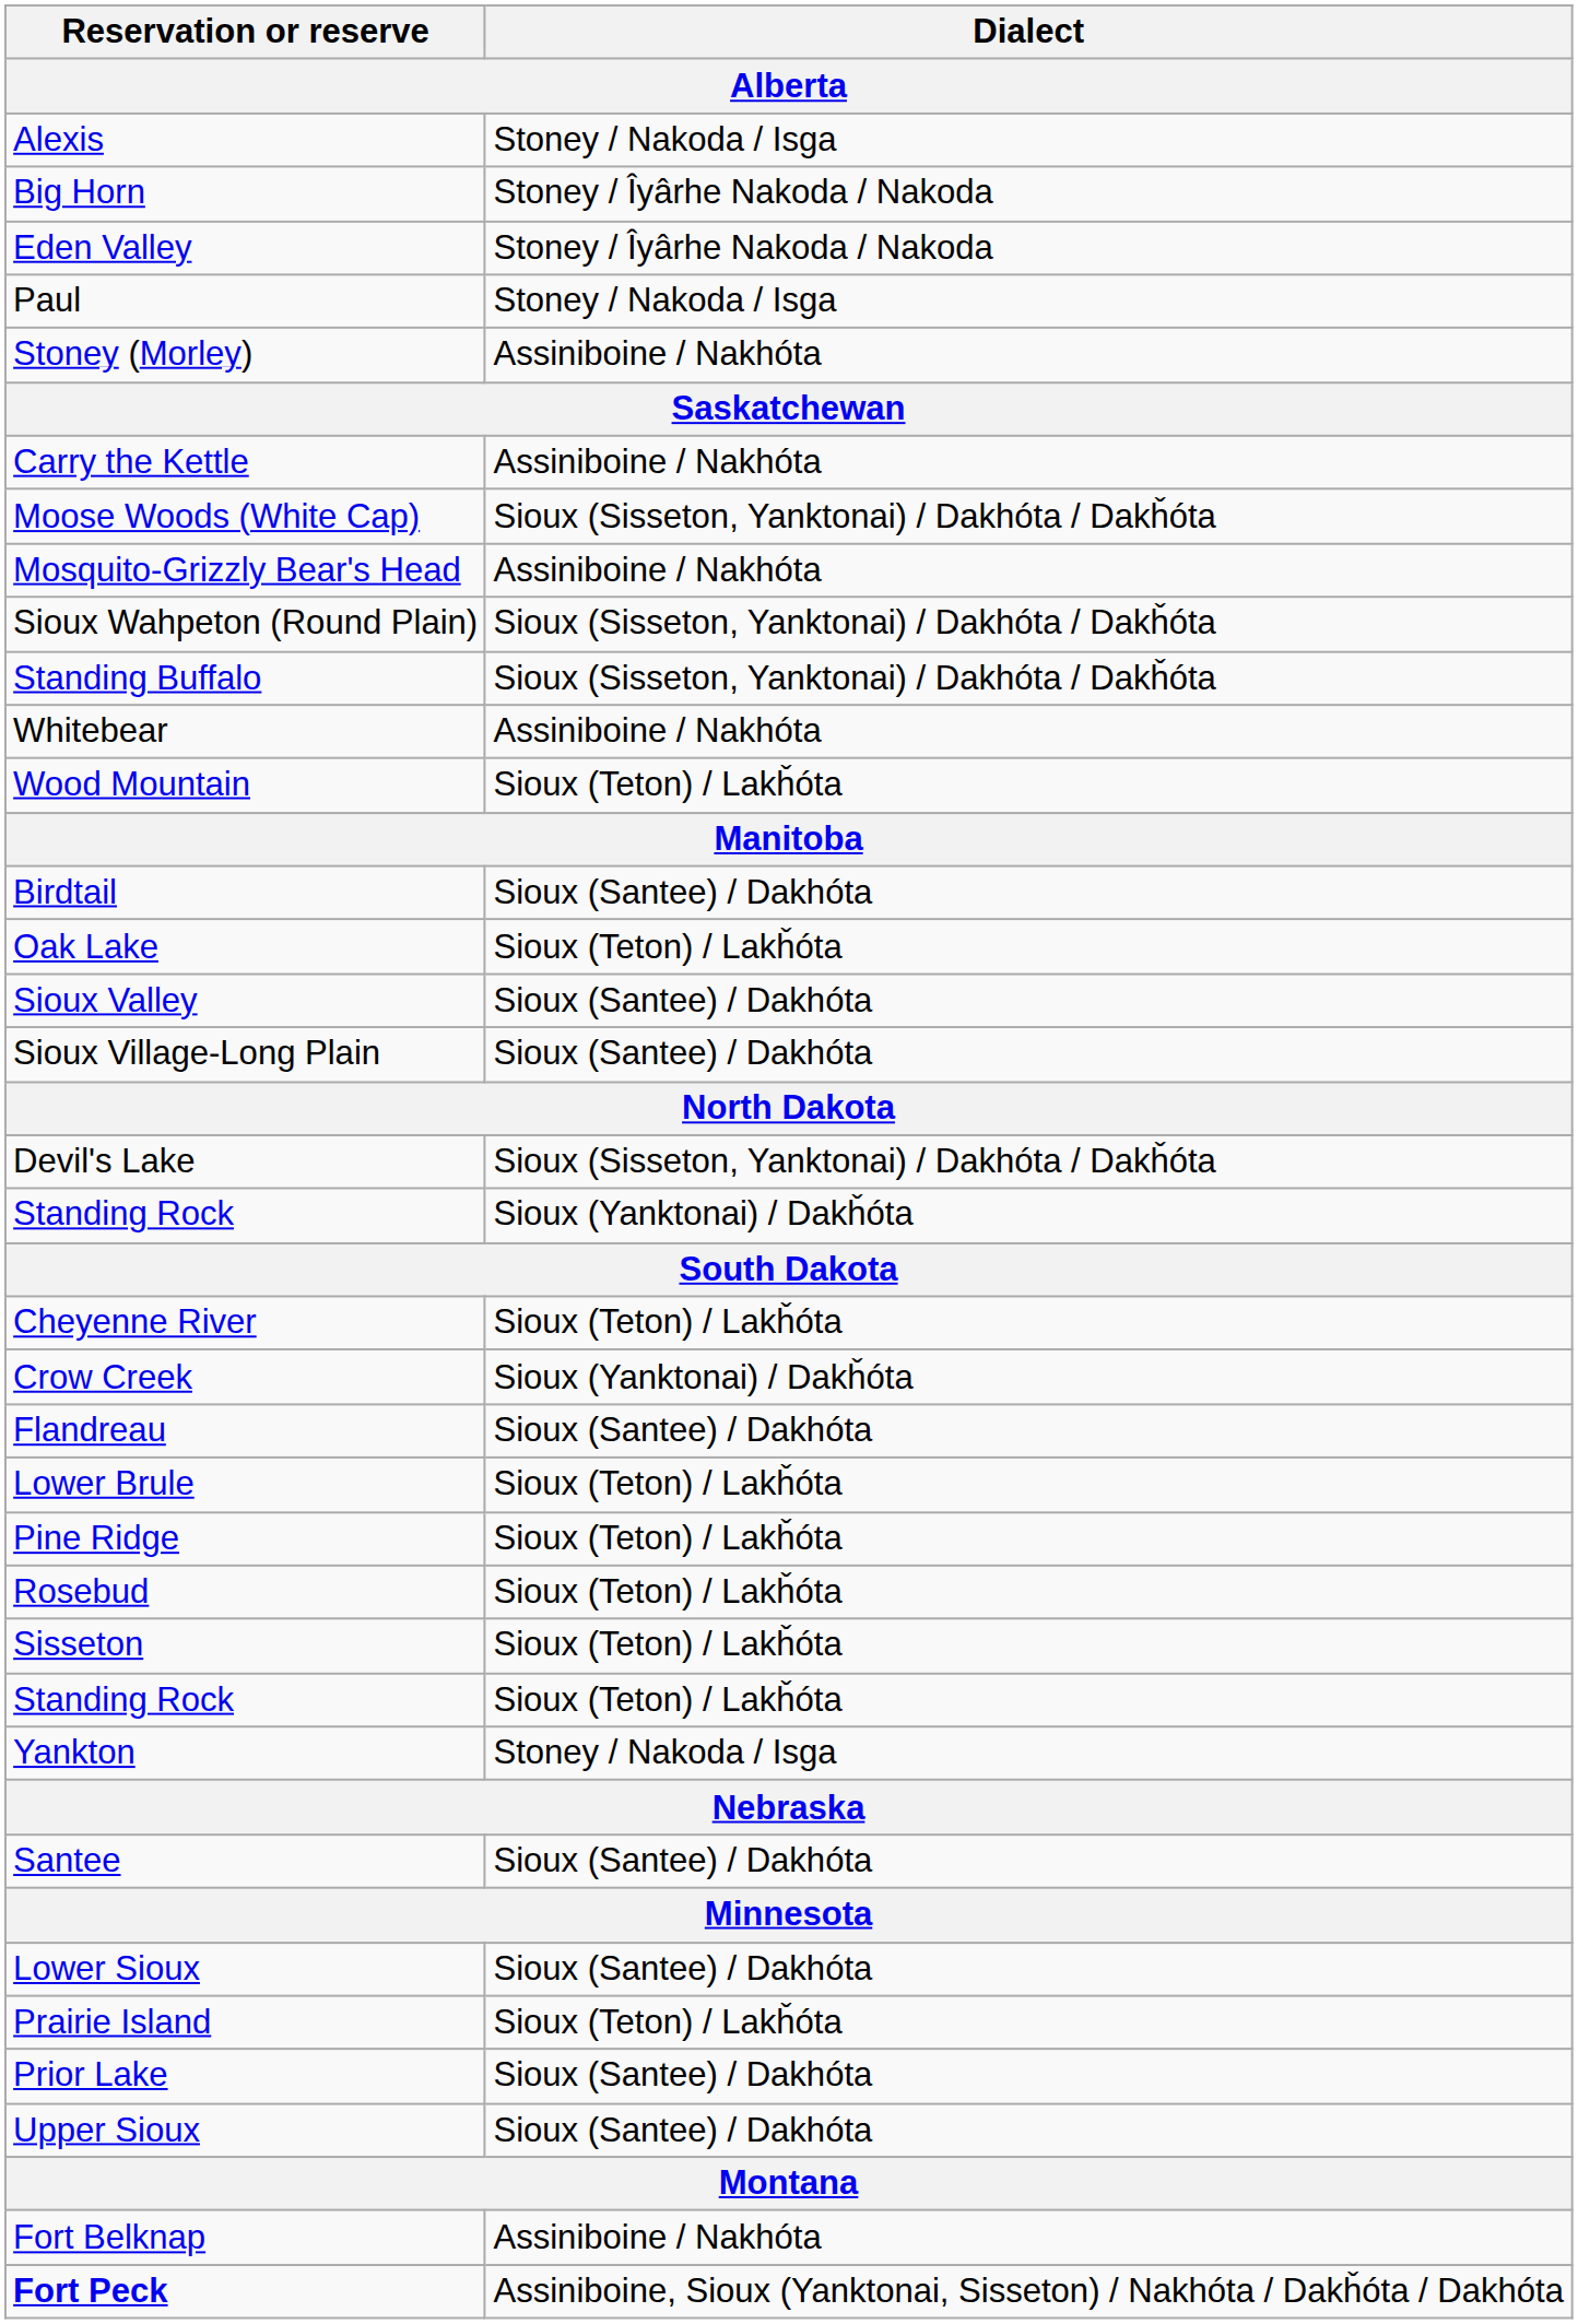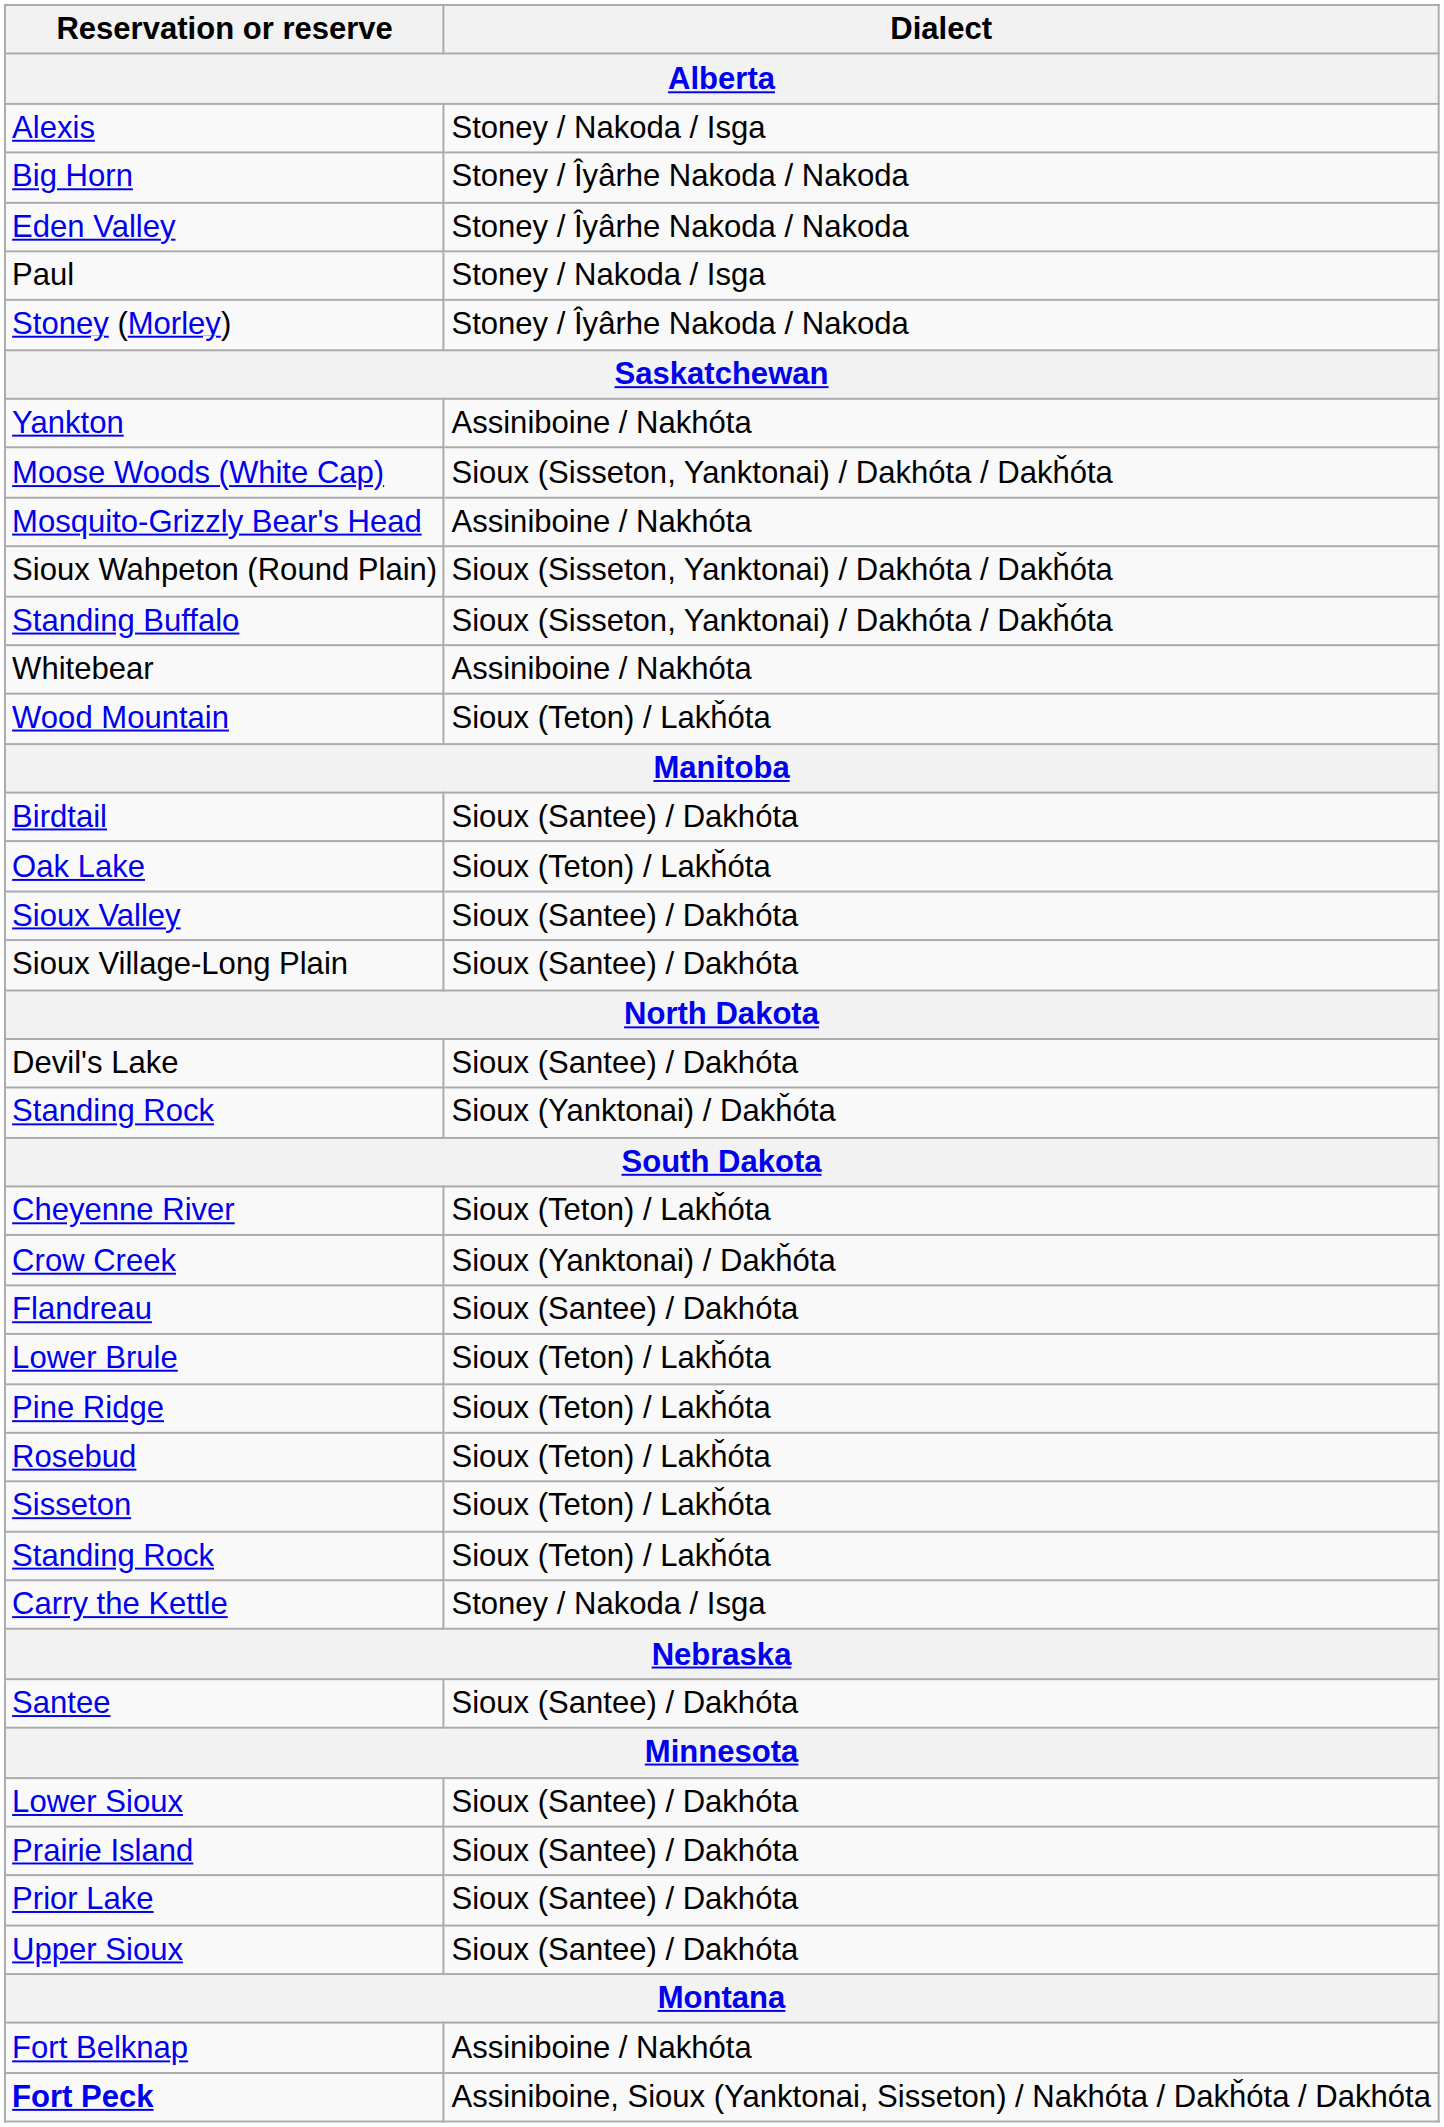 <table class="wikitable">
 <tr>
 <th>Reservation or reserve</th>
 <th>Dialect</th>
 </tr>
 <tr>
 <th colspan="2"><a href='#'>Alberta</a></th>
 </tr>
 <tr>
 <td><a href='#'>Alexis</a></td>
 <td>Stoney / Nakoda / Isga</td>
 </tr>
 <tr>
 <td><a href='#'>Big Horn</a></td>
 <td>Stoney / Îyârhe Nakoda / Nakoda</td>
 </tr>
 <tr>
 <td><a href='#'>Eden Valley</a></td>
 <td>Stoney / Îyârhe Nakoda / Nakoda</td>
 </tr>
 <tr>
 <td>Paul</td>
 <td>Stoney / Nakoda / Isga</td>
 </tr>
 <tr>
 <td><a href='#'>Stoney</a> (<a href='#'>Morley</a>)</td>
-<td>Assiniboine / Nakhóta</td>
+<td>Stoney / Îyârhe Nakoda / Nakoda</td>
 </tr>
 <tr>
 <th colspan="2"><a href='#'>Saskatchewan</a></th>
 </tr>
 <tr>
-<td><a href='#'>Carry the Kettle</a></td>
+<td><a href='#'>Yankton</a></td>
 <td>Assiniboine / Nakhóta</td>
 </tr>
 <tr>
 <td><a href='#'>Moose Woods (White Cap)</a></td>
 <td>Sioux (Sisseton, Yanktonai) / Dakhóta / Dakȟóta</td>
 </tr>
 <tr>
 <td><a href='#'>Mosquito-Grizzly Bear's Head</a></td>
 <td>Assiniboine / Nakhóta</td>
 </tr>
 <tr>
 <td>Sioux Wahpeton (Round Plain)</td>
 <td>Sioux (Sisseton, Yanktonai) / Dakhóta / Dakȟóta</td>
 </tr>
 <tr>
 <td><a href='#'>Standing Buffalo</a></td>
 <td>Sioux (Sisseton, Yanktonai) / Dakhóta / Dakȟóta</td>
 </tr>
 <tr>
 <td>Whitebear</td>
 <td>Assiniboine / Nakhóta</td>
 </tr>
 <tr>
 <td><a href='#'>Wood Mountain</a></td>
 <td>Sioux (Teton) / Lakȟóta</td>
 </tr>
 <tr>
 <th colspan="2"><a href='#'>Manitoba</a></th>
 </tr>
 <tr>
 <td><a href='#'>Birdtail</a></td>
 <td>Sioux (Santee) / Dakhóta</td>
 </tr>
 <tr>
 <td><a href='#'>Oak Lake</a></td>
 <td>Sioux (Teton) / Lakȟóta</td>
 </tr>
 <tr>
 <td><a href='#'>Sioux Valley</a></td>
 <td>Sioux (Santee) / Dakhóta</td>
 </tr>
 <tr>
 <td>Sioux Village-Long Plain</td>
 <td>Sioux (Santee) / Dakhóta</td>
 </tr>
 <tr>
 <th colspan="2"><a href='#'>North Dakota</a></th>
 </tr>
 <tr>
 <td>Devil's Lake</td>
-<td>Sioux (Sisseton, Yanktonai) / Dakhóta / Dakȟóta</td>
+<td>Sioux (Santee) / Dakhóta</td>
 </tr>
 <tr>
 <td><a href='#'>Standing Rock</a></td>
 <td>Sioux (Yanktonai) / Dakȟóta</td>
 </tr>
 <tr>
 <th colspan="2"><a href='#'>South Dakota</a></th>
 </tr>
 <tr>
 <td><a href='#'>Cheyenne River</a></td>
 <td>Sioux (Teton) / Lakȟóta</td>
 </tr>
 <tr>
 <td><a href='#'>Crow Creek</a></td>
 <td>Sioux (Yanktonai) / Dakȟóta</td>
 </tr>
 <tr>
 <td><a href='#'>Flandreau</a></td>
 <td>Sioux (Santee) / Dakhóta</td>
 </tr>
 <tr>
 <td><a href='#'>Lower Brule</a></td>
 <td>Sioux (Teton) / Lakȟóta</td>
 </tr>
 <tr>
 <td><a href='#'>Pine Ridge</a></td>
 <td>Sioux (Teton) / Lakȟóta</td>
 </tr>
 <tr>
 <td><a href='#'>Rosebud</a></td>
 <td>Sioux (Teton) / Lakȟóta</td>
 </tr>
 <tr>
 <td><a href='#'>Sisseton</a></td>
 <td>Sioux (Teton) / Lakȟóta</td>
 </tr>
 <tr>
 <td><a href='#'>Standing Rock</a></td>
 <td>Sioux (Teton) / Lakȟóta</td>
 </tr>
 <tr>
-<td><a href='#'>Yankton</a></td>
+<td><a href='#'>Carry the Kettle</a></td>
 <td>Stoney / Nakoda / Isga</td>
 </tr>
 <tr>
 <th colspan="2"><a href='#'>Nebraska</a></th>
 </tr>
 <tr>
 <td><a href='#'>Santee</a></td>
 <td>Sioux (Santee) / Dakhóta</td>
 </tr>
 <tr>
 <th colspan="2"><a href='#'>Minnesota</a></th>
 </tr>
 <tr>
 <td><a href='#'>Lower Sioux</a></td>
 <td>Sioux (Santee) / Dakhóta</td>
 </tr>
 <tr>
 <td><a href='#'>Prairie Island</a></td>
-<td>Sioux (Teton) / Lakȟóta</td>
+<td>Sioux (Santee) / Dakhóta</td>
 </tr>
 <tr>
 <td><a href='#'>Prior Lake</a></td>
 <td>Sioux (Santee) / Dakhóta</td>
 </tr>
 <tr>
 <td><a href='#'>Upper Sioux</a></td>
 <td>Sioux (Santee) / Dakhóta</td>
 </tr>
 <tr>
 <th colspan="2"><a href='#'>Montana</a></th>
 </tr>
 <tr>
 <td><a href='#'>Fort Belknap</a></td>
 <td>Assiniboine / Nakhóta</td>
 </tr>
 <tr>
 <td><strong><a href='#'>Fort Peck</a></strong></td>
 <td>Assiniboine, Sioux (Yanktonai, Sisseton) / Nakhóta / Dakȟóta / Dakhóta</td>
 </tr>
 </table>
